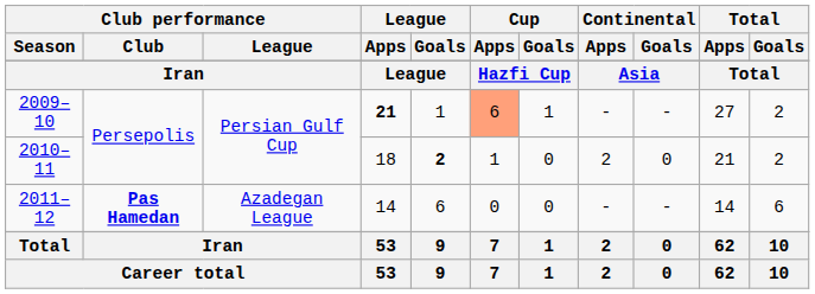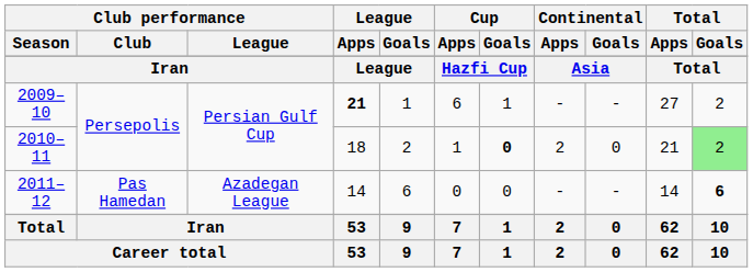 <table class="wikitable" style="text-align:center">
 <tr>
 <th colspan=3>Club performance</th>
 <th colspan=2>League</th>
 <th colspan=2>Cup</th>
 <th colspan=2>Continental</th>
 <th colspan=2>Total</th>
 </tr>
 <tr>
 <th>Season</th>
 <th>Club</th>
 <th>League</th>
 <th>Apps</th>
 <th>Goals</th>
 <th>Apps</th>
 <th>Goals</th>
 <th>Apps</th>
 <th>Goals</th>
 <th>Apps</th>
 <th>Goals</th>
 </tr>
 <tr>
 </tr>
 <tr>
 <th colspan=3>Iran</th>
 <th colspan=2>League</th>
 <th colspan=2><a href='#'>Hazfi Cup</a></th>
 <th colspan=2><a href='#'>Asia</a></th>
 <th colspan=2>Total</th>
 </tr>
 <tr>
 <td><a href='#'>2009–10</a></td>
 <td rowspan="2"><a href='#'>Persepolis</a></td>
 <td rowspan="2"><a href='#'>Persian Gulf Cup</a></td>
 <td><strong>21</strong></td>
 <td>1</td>
-<td style="background: lightsalmon;">6</td>
+<td>6</td>
 <td>1</td>
 <td>-</td>
 <td>-</td>
 <td>27</td>
 <td>2</td>
 </tr>
 <tr>
 <td><a href='#'>2010–11</a></td>
 <td>18</td>
-<td><strong>2</strong></td>
+<td>2</td>
 <td>1</td>
-<td>0</td>
+<td><strong>0</strong></td>
 <td>2</td>
 <td>0</td>
 <td>21</td>
-<td>2</td>
+<td style="background: lightgreen;">2</td>
 </tr>
 <tr>
 <td><a href='#'>2011–12</a></td>
-<td rowspan="1"><strong><a href='#'>Pas Hamedan</a></strong></td>
+<td rowspan="1"><a href='#'>Pas Hamedan</a></td>
 <td rowspan="1"><a href='#'>Azadegan League</a></td>
 <td>14</td>
 <td>6</td>
 <td>0</td>
 <td>0</td>
 <td>-</td>
 <td>-</td>
 <td>14</td>
-<td>6</td>
+<td><strong>6</strong></td>
 </tr>
 <tr>
 </tr>
 <tr>
 <th rowspan=1>Total</th>
 <th colspan=2>Iran</th>
 <th>53</th>
 <th>9</th>
 <th>7</th>
 <th>1</th>
 <th>2</th>
 <th>0</th>
 <th>62</th>
 <th>10</th>
 </tr>
 <tr>
 <th colspan=3>Career total</th>
 <th>53</th>
 <th>9</th>
 <th>7</th>
 <th>1</th>
 <th>2</th>
 <th>0</th>
 <th>62</th>
 <th>10</th>
 </tr>
 </table>
